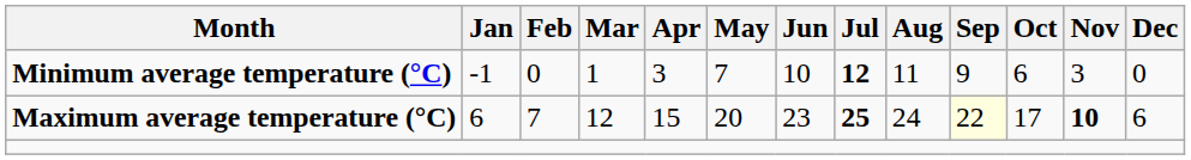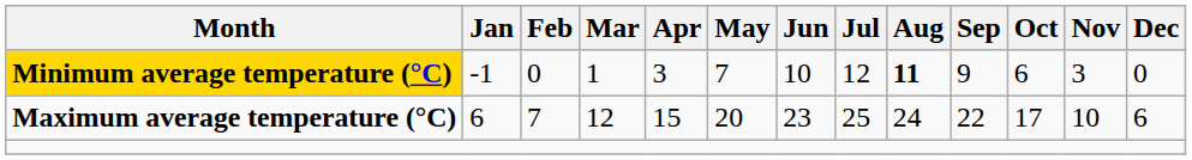 <table class="wikitable">
 <tr>
 <th>Month</th>
 <th>Jan</th>
 <th>Feb</th>
 <th>Mar</th>
 <th>Apr</th>
 <th>May</th>
 <th>Jun</th>
 <th>Jul</th>
 <th>Aug</th>
 <th>Sep</th>
 <th>Oct</th>
 <th>Nov</th>
 <th>Dec</th>
 </tr>
 <tr>
-<td><strong>Minimum average temperature (<a href='#'>°C</a>)</strong></td>
+<td style="background: gold;"><strong>Minimum average temperature (<a href='#'>°C</a>)</strong></td>
 <td>-1</td>
 <td>0</td>
 <td>1</td>
 <td>3</td>
 <td>7</td>
 <td>10</td>
-<td><strong>12</strong></td>
-<td>11</td>
+<td>12</td>
+<td><strong>11</strong></td>
 <td>9</td>
 <td>6</td>
 <td>3</td>
 <td>0</td>
 </tr>
 <tr>
 <td><strong>Maximum average temperature (°C)</strong></td>
 <td>6</td>
 <td>7</td>
 <td>12</td>
 <td>15</td>
 <td>20</td>
 <td>23</td>
-<td><strong>25</strong></td>
+<td>25</td>
 <td>24</td>
-<td style="background: lightyellow;">22</td>
+<td>22</td>
 <td>17</td>
-<td><strong>10</strong></td>
+<td>10</td>
 <td>6</td>
 </tr>
 <tr>
 <td colspan="13"></td>
 </tr>
 </table>
